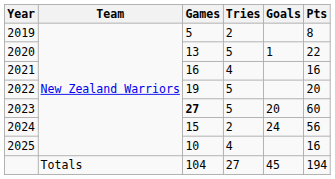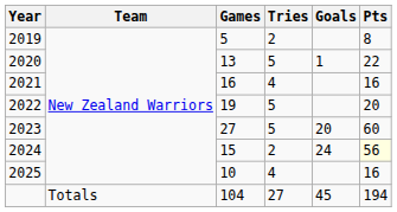 <table class="wikitable">
 <tr>
 <th>Year</th>
 <th>Team</th>
 <th>Games</th>
 <th>Tries</th>
 <th>Goals</th>
 <th>Pts</th>
 </tr>
 <tr>
 <td>2019</td>
 <td rowspan="7"> <a href='#'>New Zealand Warriors</a></td>
 <td>5</td>
 <td>2</td>
 <td></td>
 <td>8</td>
 </tr>
 <tr>
 <td>2020</td>
 <td>13</td>
 <td>5</td>
 <td>1</td>
 <td>22</td>
 </tr>
 <tr>
 <td>2021</td>
 <td>16</td>
 <td>4</td>
 <td></td>
 <td>16</td>
 </tr>
 <tr>
 <td>2022</td>
 <td>19</td>
 <td>5</td>
 <td></td>
 <td>20</td>
 </tr>
 <tr>
 <td>2023</td>
-<td><strong>27</strong></td>
+<td>27</td>
 <td>5</td>
 <td>20</td>
 <td>60</td>
 </tr>
 <tr>
 <td>2024</td>
 <td>15</td>
 <td>2</td>
 <td>24</td>
-<td>56</td>
+<td style="background: lightyellow;">56</td>
 </tr>
 <tr>
 <td>2025</td>
 <td>10</td>
 <td>4</td>
 <td></td>
 <td>16</td>
 </tr>
 <tr>
 <td></td>
 <td>Totals</td>
 <td>104</td>
 <td>27</td>
 <td>45</td>
 <td>194</td>
 </tr>
 </table>
